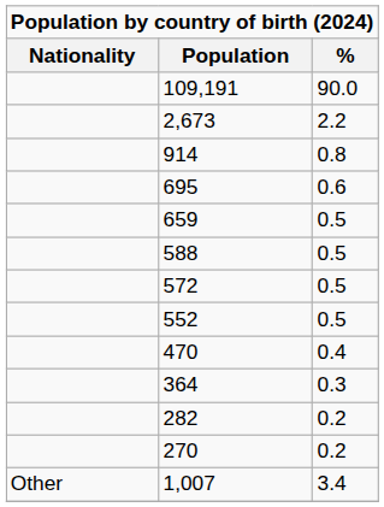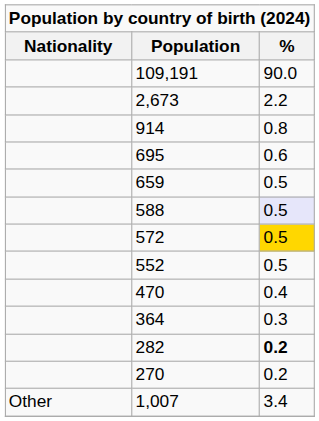 <table class="wikitable" style="float:right;">
 <tr>
 <td colspan="3"><strong>Population by country of birth (2024)</strong></td>
 </tr>
 <tr \>
 <th>Nationality</th>
 <th>Population</th>
 <th>%</th>
 </tr>
 <tr>
 <td></td>
 <td>109,191</td>
 <td>90.0</td>
 </tr>
 <tr>
 <td></td>
 <td>2,673</td>
 <td>2.2</td>
 </tr>
 <tr>
 <td></td>
 <td>914</td>
 <td>0.8</td>
 </tr>
 <tr>
 <td></td>
 <td>695</td>
 <td>0.6</td>
 </tr>
 <tr>
 <td></td>
 <td>659</td>
 <td>0.5</td>
 </tr>
 <tr>
 <td></td>
 <td>588</td>
-<td>0.5</td>
+<td style="background: lavender;">0.5</td>
 </tr>
 <tr>
 <td></td>
 <td>572</td>
-<td>0.5</td>
+<td style="background: gold;">0.5</td>
 </tr>
 <tr>
 <td></td>
 <td>552</td>
 <td>0.5</td>
 </tr>
 <tr>
 <td></td>
 <td>470</td>
 <td>0.4</td>
 </tr>
 <tr>
 <td></td>
 <td>364</td>
 <td>0.3</td>
 </tr>
 <tr>
 <td></td>
 <td>282</td>
-<td>0.2</td>
+<td><strong>0.2</strong></td>
 </tr>
 <tr>
 <td></td>
 <td>270</td>
 <td>0.2</td>
 </tr>
 <tr>
 <td>Other</td>
 <td>1,007</td>
 <td>3.4</td>
 </tr>
 <tr>
 </tr>
 </table>
